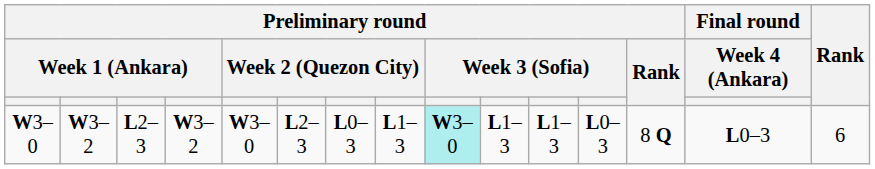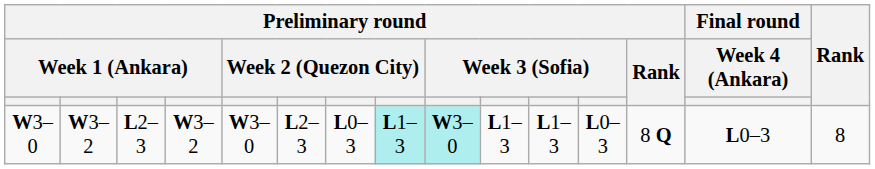 <table class="wikitable" style="font-size:90%;">
 <tr>
 <th colspan=13>Preliminary round</th>
 <th colspan=1>Final round</th>
 <th rowspan=3>Rank</th>
 </tr>
 <tr>
 <th colspan=4>Week 1 (Ankara)</th>
 <th colspan=4>Week 2 (Quezon City)</th>
 <th colspan=4>Week 3 (Sofia)</th>
 <th rowspan=2>Rank</th>
 <th colspan=1>Week 4 (Ankara)</th>
 </tr>
 <tr>
 <th></th>
 <th></th>
 <th></th>
 <th></th>
 <th></th>
 <th></th>
 <th></th>
 <th></th>
 <th></th>
 <th></th>
 <th></th>
 <th></th>
 <th></th>
 </tr>
 <tr align=center>
 <td><strong>W</strong>3–0</td>
 <td><strong>W</strong>3–2</td>
 <td><strong>L</strong>2–3</td>
 <td><strong>W</strong>3–2</td>
 <td><strong>W</strong>3–0</td>
 <td><strong>L</strong>2–3</td>
 <td><strong>L</strong>0–3</td>
-<td><strong>L</strong>1–3</td>
+<td style="background: paleturquoise;"><strong>L</strong>1–3</td>
 <td style="background: paleturquoise;"><strong>W</strong>3–0</td>
 <td><strong>L</strong>1–3</td>
 <td><strong>L</strong>1–3</td>
 <td><strong>L</strong>0–3</td>
 <td>8 <strong>Q</strong></td>
 <td><strong>L</strong>0–3</td>
-<td>6</td>
+<td>8</td>
 </tr>
 </table>
